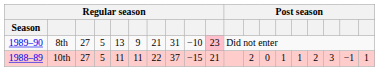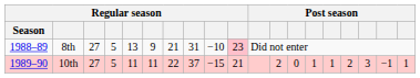 <table class="wikitable">
 <tr>
 <th colspan="10">Regular season</th>
 <th colspan="9">Post season</th>
 </tr>
 <tr>
 <th width="80">Season</th>
 <th width="50"></th>
 <th width="30"></th>
 <th width="30"></th>
 <th width="30"></th>
 <th width="30"></th>
 <th width="30"></th>
 <th width="30"></th>
 <th width="30"></th>
 <th width="30"></th>
 <th width="50"></th>
 <th width="30"></th>
 <th width="30"></th>
 <th width="30"></th>
 <th width="30"></th>
 <th width="30"></th>
 <th width="30"></th>
 <th width="30"></th>
 <th width="30"></th>
 </tr>
 <tr align="center">
-<td><a href='#'>1989–90</a></td>
+<td><a href='#'>1988–89</a></td>
 <td>8th</td>
 <td>27</td>
 <td>5</td>
 <td>13</td>
 <td>9</td>
 <td>21</td>
 <td>31</td>
 <td>−10</td>
 <td style="background: pink;">23</td>
 <td colspan="9" align="left">Did not enter</td>
 </tr>
 <tr align="center" bgcolor="FFCCCC">
-<td><a href='#'>1988–89</a></td>
+<td><a href='#'>1989–90</a></td>
 <td>10th</td>
 <td>27</td>
 <td>5</td>
 <td>11</td>
 <td>11</td>
 <td>22</td>
 <td>37</td>
 <td>−15</td>
 <td>21</td>
 <td></td>
 <td>2</td>
 <td>0</td>
 <td>1</td>
 <td>1</td>
 <td>2</td>
 <td>3</td>
 <td>−1</td>
 <td>1</td>
 </tr>
 </table>
